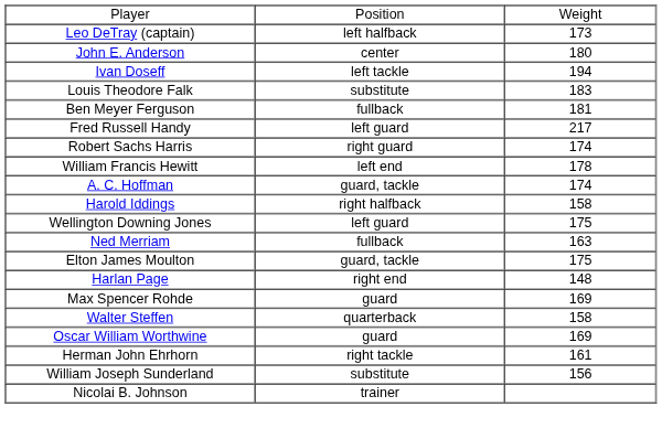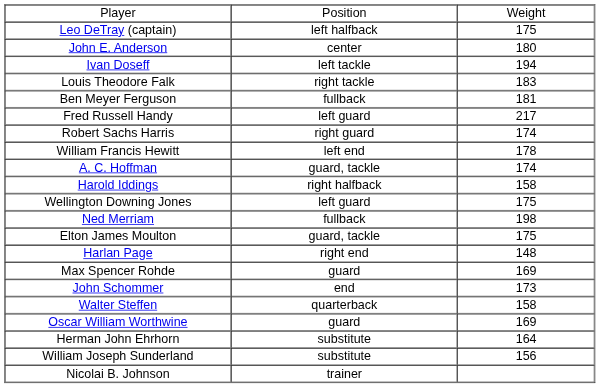 <table cellpadding="1" border="1" cellspacing="0" width="60%" style="text-align:center;">
 <tr>
 <td>Player</td>
 <td>Position</td>
 <td>Weight</td>
 </tr>
 <tr align="center" bgcolor="">
 <td><a href='#'>Leo DeTray</a> (captain)</td>
 <td>left halfback</td>
-<td>173</td>
+<td>175</td>
 </tr>
 <tr align="center" bgcolor="">
 <td><a href='#'>John E. Anderson</a></td>
 <td>center</td>
 <td>180</td>
 </tr>
 <tr align="center" bgcolor="">
 <td><a href='#'>Ivan Doseff</a></td>
 <td>left tackle</td>
 <td>194</td>
 </tr>
 <tr align="center" bgcolor="">
 <td>Louis Theodore Falk</td>
-<td>substitute</td>
+<td>right tackle</td>
 <td>183</td>
 </tr>
 <tr align="center" bgcolor="">
 <td>Ben Meyer Ferguson</td>
 <td>fullback</td>
 <td>181</td>
 </tr>
 <tr align="center" bgcolor="">
 <td>Fred Russell Handy</td>
 <td>left guard</td>
 <td>217</td>
 </tr>
 <tr align="center" bgcolor="">
 <td width="250">Robert Sachs Harris</td>
 <td width="250">right guard</td>
 <td width="150">174</td>
 </tr>
 <tr align="center" bgcolor="">
 <td>William Francis Hewitt</td>
 <td>left end</td>
 <td>178</td>
 </tr>
 <tr align="center" bgcolor="">
 <td><a href='#'>A. C. Hoffman</a></td>
 <td>guard, tackle</td>
 <td>174</td>
 </tr>
 <tr align="center" bgcolor="">
 <td><a href='#'>Harold Iddings</a></td>
 <td>right halfback</td>
 <td>158</td>
 </tr>
 <tr align="center" bgcolor="">
 <td>Wellington Downing Jones</td>
 <td>left guard</td>
 <td>175</td>
 </tr>
 <tr align="center" bgcolor="">
 <td><a href='#'>Ned Merriam</a></td>
 <td>fullback</td>
-<td>163</td>
+<td>198</td>
 </tr>
 <tr align="center" bgcolor="">
 <td>Elton James Moulton</td>
 <td>guard, tackle</td>
 <td>175</td>
 </tr>
 <tr align="center" bgcolor="">
 <td><a href='#'>Harlan Page</a></td>
 <td>right end</td>
 <td>148</td>
 </tr>
 <tr align="center" bgcolor="">
 <td>Max Spencer Rohde</td>
 <td>guard</td>
 <td>169</td>
 </tr>
 <tr align="center" bgcolor="">
+<td><a href='#'>John Schommer</a></td>
+<td>end</td>
+<td>173</td>
+</tr>
+<tr align="center" bgcolor="">
 <td><a href='#'>Walter Steffen</a></td>
 <td>quarterback</td>
 <td>158</td>
 </tr>
 <tr align="center" bgcolor="">
 <td><a href='#'>Oscar William Worthwine</a></td>
 <td>guard</td>
 <td>169</td>
 </tr>
 <tr align="center" bgcolor="">
 <td>Herman John Ehrhorn</td>
-<td>right tackle</td>
-<td>161</td>
+<td>substitute</td>
+<td>164</td>
 </tr>
 <tr align="center" bgcolor="">
 <td>William Joseph Sunderland</td>
 <td>substitute</td>
 <td>156</td>
 </tr>
 <tr align="center" bgcolor="">
 <td>Nicolai B. Johnson</td>
 <td>trainer</td>
 <td></td>
 </tr>
 <tr align="center" bgcolor="">
 </tr>
 </table>
